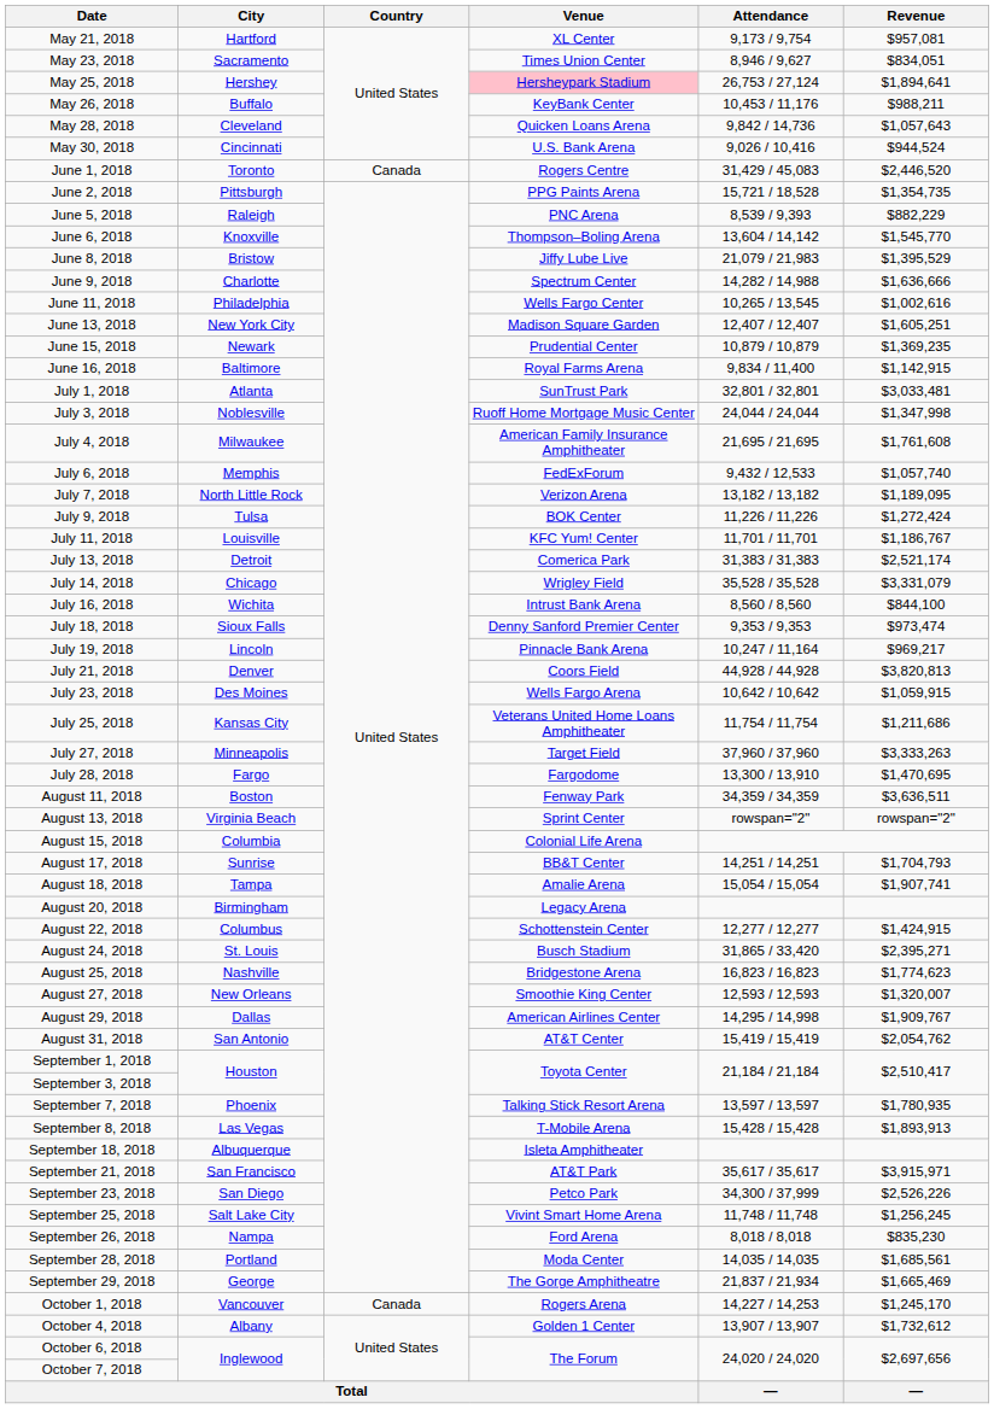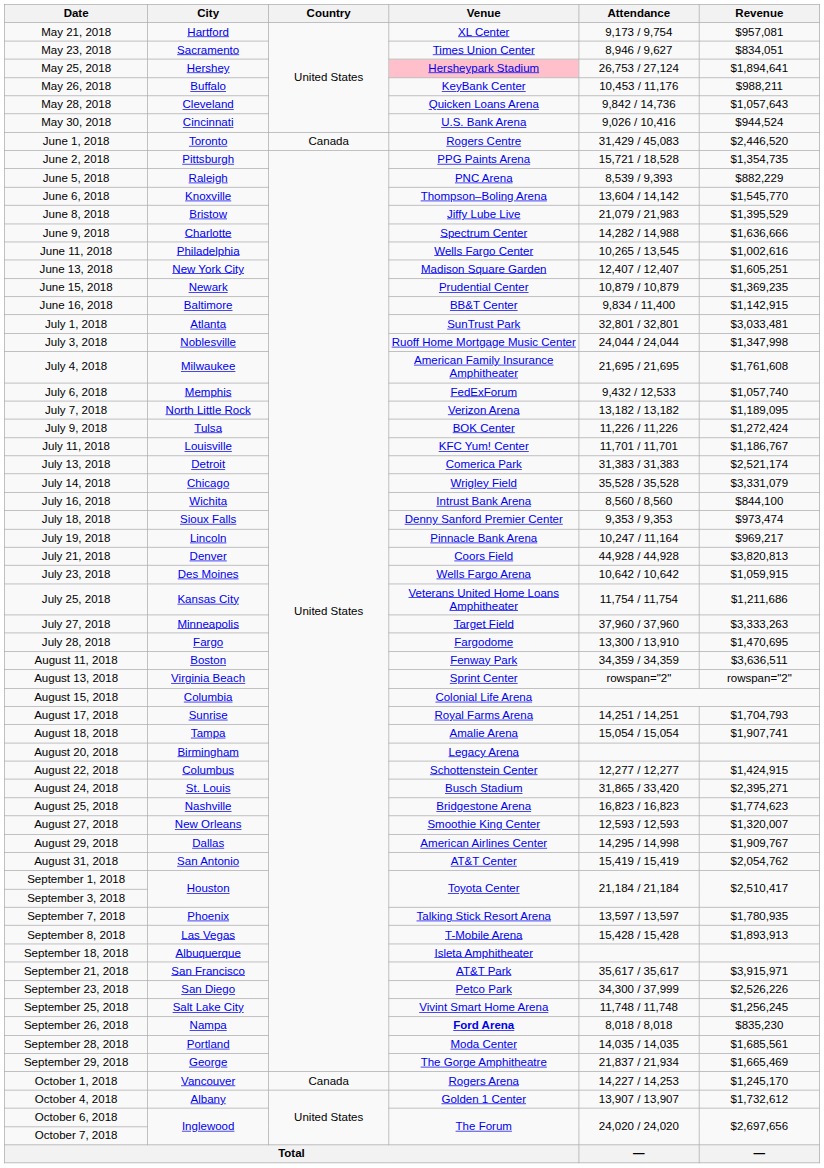 <table class="wikitable" style="text-align:center;">
 <tr>
 <th scope="col" style="width:12em;">Date</th>
 <th scope="col" style="width:10em;">City</th>
 <th scope="col" style="width:10em;">Country</th>
 <th scope="col" style="width:16em;">Venue</th>
 <th scope="col" style="width:10em;">Attendance</th>
 <th scope="col" style="width:10em;">Revenue</th>
 </tr>
 <tr>
 <td>May 21, 2018</td>
 <td><a href='#'>Hartford</a></td>
 <td rowspan="6">United States</td>
 <td><a href='#'>XL Center</a></td>
 <td>9,173 / 9,754</td>
 <td>$957,081</td>
 </tr>
 <tr>
 <td>May 23, 2018</td>
 <td><a href='#'>Sacramento</a></td>
 <td><a href='#'>Times Union Center</a></td>
 <td>8,946 / 9,627</td>
 <td>$834,051</td>
 </tr>
 <tr>
 <td>May 25, 2018</td>
 <td><a href='#'>Hershey</a></td>
 <td style="background: pink;"><a href='#'>Hersheypark Stadium</a></td>
 <td>26,753 / 27,124</td>
 <td>$1,894,641</td>
 </tr>
 <tr>
 <td>May 26, 2018</td>
 <td><a href='#'>Buffalo</a></td>
 <td><a href='#'>KeyBank Center</a></td>
 <td>10,453 / 11,176</td>
 <td>$988,211</td>
 </tr>
 <tr>
 <td>May 28, 2018</td>
 <td><a href='#'>Cleveland</a></td>
 <td><a href='#'>Quicken Loans Arena</a></td>
 <td>9,842 / 14,736</td>
 <td>$1,057,643</td>
 </tr>
 <tr>
 <td>May 30, 2018</td>
 <td><a href='#'>Cincinnati</a></td>
 <td><a href='#'>U.S. Bank Arena</a></td>
 <td>9,026 / 10,416</td>
 <td>$944,524</td>
 </tr>
 <tr>
 <td>June 1, 2018</td>
 <td><a href='#'>Toronto</a></td>
 <td>Canada</td>
 <td><a href='#'>Rogers Centre</a></td>
 <td>31,429 / 45,083</td>
 <td>$2,446,520</td>
 </tr>
 <tr>
 <td>June 2, 2018</td>
 <td><a href='#'>Pittsburgh</a></td>
 <td rowspan="49">United States</td>
 <td><a href='#'>PPG Paints Arena</a></td>
 <td>15,721 / 18,528</td>
 <td>$1,354,735</td>
 </tr>
 <tr>
 <td>June 5, 2018</td>
 <td><a href='#'>Raleigh</a></td>
 <td><a href='#'>PNC Arena</a></td>
 <td>8,539 / 9,393</td>
 <td>$882,229</td>
 </tr>
 <tr>
 <td>June 6, 2018</td>
 <td><a href='#'>Knoxville</a></td>
 <td><a href='#'>Thompson–Boling Arena</a></td>
 <td>13,604 / 14,142</td>
 <td>$1,545,770</td>
 </tr>
 <tr>
 <td>June 8, 2018</td>
 <td><a href='#'>Bristow</a></td>
 <td><a href='#'>Jiffy Lube Live</a></td>
 <td>21,079 / 21,983</td>
 <td>$1,395,529</td>
 </tr>
 <tr>
 <td>June 9, 2018</td>
 <td><a href='#'>Charlotte</a></td>
 <td><a href='#'>Spectrum Center</a></td>
 <td>14,282 / 14,988</td>
 <td>$1,636,666</td>
 </tr>
 <tr>
 <td>June 11, 2018</td>
 <td><a href='#'>Philadelphia</a></td>
 <td><a href='#'>Wells Fargo Center</a></td>
 <td>10,265 / 13,545</td>
 <td>$1,002,616</td>
 </tr>
 <tr>
 <td>June 13, 2018</td>
 <td><a href='#'>New York City</a></td>
 <td><a href='#'>Madison Square Garden</a></td>
 <td>12,407 / 12,407</td>
 <td>$1,605,251</td>
 </tr>
 <tr>
 <td>June 15, 2018</td>
 <td><a href='#'>Newark</a></td>
 <td><a href='#'>Prudential Center</a></td>
 <td>10,879 / 10,879</td>
 <td>$1,369,235</td>
 </tr>
 <tr>
 <td>June 16, 2018</td>
 <td><a href='#'>Baltimore</a></td>
-<td><a href='#'>Royal Farms Arena</a></td>
+<td><a href='#'>BB&T Center</a></td>
 <td>9,834 / 11,400</td>
 <td>$1,142,915</td>
 </tr>
 <tr>
 <td>July 1, 2018</td>
 <td><a href='#'>Atlanta</a></td>
 <td><a href='#'>SunTrust Park</a></td>
 <td>32,801 / 32,801</td>
 <td>$3,033,481</td>
 </tr>
 <tr>
 <td>July 3, 2018</td>
 <td><a href='#'>Noblesville</a></td>
 <td><a href='#'>Ruoff Home Mortgage Music Center</a></td>
 <td>24,044 / 24,044</td>
 <td>$1,347,998</td>
 </tr>
 <tr>
 <td>July 4, 2018</td>
 <td><a href='#'>Milwaukee</a></td>
 <td><a href='#'>American Family Insurance Amphitheater</a></td>
 <td>21,695 / 21,695</td>
 <td>$1,761,608</td>
 </tr>
 <tr>
 <td>July 6, 2018</td>
 <td><a href='#'>Memphis</a></td>
 <td><a href='#'>FedExForum</a></td>
 <td>9,432 / 12,533</td>
 <td>$1,057,740</td>
 </tr>
 <tr>
 <td>July 7, 2018</td>
 <td><a href='#'>North Little Rock</a></td>
 <td><a href='#'>Verizon Arena</a></td>
 <td>13,182 / 13,182</td>
 <td>$1,189,095</td>
 </tr>
 <tr>
 <td>July 9, 2018</td>
 <td><a href='#'>Tulsa</a></td>
 <td><a href='#'>BOK Center</a></td>
 <td>11,226 / 11,226</td>
 <td>$1,272,424</td>
 </tr>
 <tr>
 <td>July 11, 2018</td>
 <td><a href='#'>Louisville</a></td>
 <td><a href='#'>KFC Yum! Center</a></td>
 <td>11,701 / 11,701</td>
 <td>$1,186,767</td>
 </tr>
 <tr>
 <td>July 13, 2018</td>
 <td><a href='#'>Detroit</a></td>
 <td><a href='#'>Comerica Park</a></td>
 <td>31,383 / 31,383</td>
 <td>$2,521,174</td>
 </tr>
 <tr>
 <td>July 14, 2018</td>
 <td><a href='#'>Chicago</a></td>
 <td><a href='#'>Wrigley Field</a></td>
 <td>35,528 / 35,528</td>
 <td>$3,331,079</td>
 </tr>
 <tr>
 <td>July 16, 2018</td>
 <td><a href='#'>Wichita</a></td>
 <td><a href='#'>Intrust Bank Arena</a></td>
 <td>8,560 / 8,560</td>
 <td>$844,100</td>
 </tr>
 <tr>
 <td>July 18, 2018</td>
 <td><a href='#'>Sioux Falls</a></td>
 <td><a href='#'>Denny Sanford Premier Center</a></td>
 <td>9,353 / 9,353</td>
 <td>$973,474</td>
 </tr>
 <tr>
 <td>July 19, 2018</td>
 <td><a href='#'>Lincoln</a></td>
 <td><a href='#'>Pinnacle Bank Arena</a></td>
 <td>10,247 / 11,164</td>
 <td>$969,217</td>
 </tr>
 <tr>
 <td>July 21, 2018</td>
 <td><a href='#'>Denver</a></td>
 <td><a href='#'>Coors Field</a></td>
 <td>44,928 / 44,928</td>
 <td>$3,820,813</td>
 </tr>
 <tr>
 <td>July 23, 2018</td>
 <td><a href='#'>Des Moines</a></td>
 <td><a href='#'>Wells Fargo Arena</a></td>
 <td>10,642 / 10,642</td>
 <td>$1,059,915</td>
 </tr>
 <tr>
 <td>July 25, 2018</td>
 <td><a href='#'>Kansas City</a></td>
 <td><a href='#'>Veterans United Home Loans Amphitheater</a></td>
 <td>11,754 / 11,754</td>
 <td>$1,211,686</td>
 </tr>
 <tr>
 <td>July 27, 2018</td>
 <td><a href='#'>Minneapolis</a></td>
 <td><a href='#'>Target Field</a></td>
 <td>37,960 / 37,960</td>
 <td>$3,333,263</td>
 </tr>
 <tr>
 <td>July 28, 2018</td>
 <td><a href='#'>Fargo</a></td>
 <td><a href='#'>Fargodome</a></td>
 <td>13,300 / 13,910</td>
 <td>$1,470,695</td>
 </tr>
 <tr>
 <td>August 11, 2018</td>
 <td><a href='#'>Boston</a></td>
 <td><a href='#'>Fenway Park</a></td>
 <td>34,359 / 34,359</td>
 <td>$3,636,511</td>
 </tr>
 <tr>
 <td>August 13, 2018</td>
 <td><a href='#'>Virginia Beach</a></td>
 <td><a href='#'>Sprint Center</a></td>
 <td>rowspan="2" </td>
 <td>rowspan="2" </td>
 </tr>
 <tr>
 <td>August 15, 2018</td>
 <td><a href='#'>Columbia</a></td>
 <td><a href='#'>Colonial Life Arena</a></td>
 </tr>
 <tr>
 <td>August 17, 2018</td>
 <td><a href='#'>Sunrise</a></td>
-<td><a href='#'>BB&T Center</a></td>
+<td><a href='#'>Royal Farms Arena</a></td>
 <td>14,251 / 14,251</td>
 <td>$1,704,793</td>
 </tr>
 <tr>
 <td>August 18, 2018</td>
 <td><a href='#'>Tampa</a></td>
 <td><a href='#'>Amalie Arena</a></td>
 <td>15,054 / 15,054</td>
 <td>$1,907,741</td>
 </tr>
 <tr>
 <td>August 20, 2018</td>
 <td><a href='#'>Birmingham</a></td>
 <td><a href='#'>Legacy Arena</a></td>
 <td></td>
 <td></td>
 </tr>
 <tr>
 <td>August 22, 2018</td>
 <td><a href='#'>Columbus</a></td>
 <td><a href='#'>Schottenstein Center</a></td>
 <td>12,277 / 12,277</td>
 <td>$1,424,915</td>
 </tr>
 <tr>
 <td>August 24, 2018</td>
 <td><a href='#'>St. Louis</a></td>
 <td><a href='#'>Busch Stadium</a></td>
 <td>31,865 / 33,420</td>
 <td>$2,395,271</td>
 </tr>
 <tr>
 <td>August 25, 2018</td>
 <td><a href='#'>Nashville</a></td>
 <td><a href='#'>Bridgestone Arena</a></td>
 <td>16,823 / 16,823</td>
 <td>$1,774,623</td>
 </tr>
 <tr>
 <td>August 27, 2018</td>
 <td><a href='#'>New Orleans</a></td>
 <td><a href='#'>Smoothie King Center</a></td>
 <td>12,593 / 12,593</td>
 <td>$1,320,007</td>
 </tr>
 <tr>
 <td>August 29, 2018</td>
 <td><a href='#'>Dallas</a></td>
 <td><a href='#'>American Airlines Center</a></td>
 <td>14,295 / 14,998</td>
 <td>$1,909,767</td>
 </tr>
 <tr>
 <td>August 31, 2018</td>
 <td><a href='#'>San Antonio</a></td>
 <td><a href='#'>AT&T Center</a></td>
 <td>15,419 / 15,419</td>
 <td>$2,054,762</td>
 </tr>
 <tr>
 <td>September 1, 2018</td>
 <td rowspan="2"><a href='#'>Houston</a></td>
 <td rowspan="2"><a href='#'>Toyota Center</a></td>
 <td rowspan="2">21,184 / 21,184</td>
 <td rowspan="2">$2,510,417</td>
 </tr>
 <tr>
 <td>September 3, 2018</td>
 </tr>
 <tr>
 <td>September 7, 2018</td>
 <td><a href='#'>Phoenix</a></td>
 <td><a href='#'>Talking Stick Resort Arena</a></td>
 <td>13,597 / 13,597</td>
 <td>$1,780,935</td>
 </tr>
 <tr>
 <td>September 8, 2018</td>
 <td><a href='#'>Las Vegas</a></td>
 <td><a href='#'>T-Mobile Arena</a></td>
 <td>15,428 / 15,428</td>
 <td>$1,893,913</td>
 </tr>
 <tr>
 <td>September 18, 2018</td>
 <td><a href='#'>Albuquerque</a></td>
 <td><a href='#'>Isleta Amphitheater</a></td>
 <td></td>
 <td></td>
 </tr>
 <tr>
 <td>September 21, 2018</td>
 <td><a href='#'>San Francisco</a></td>
 <td><a href='#'>AT&T Park</a></td>
 <td>35,617 / 35,617</td>
 <td>$3,915,971</td>
 </tr>
 <tr>
 <td>September 23, 2018</td>
 <td><a href='#'>San Diego</a></td>
 <td><a href='#'>Petco Park</a></td>
 <td>34,300 / 37,999</td>
 <td>$2,526,226</td>
 </tr>
 <tr>
 <td>September 25, 2018</td>
 <td><a href='#'>Salt Lake City</a></td>
 <td><a href='#'>Vivint Smart Home Arena</a></td>
 <td>11,748 / 11,748</td>
 <td>$1,256,245</td>
 </tr>
 <tr>
 <td>September 26, 2018</td>
 <td><a href='#'>Nampa</a></td>
-<td><a href='#'>Ford Arena</a></td>
+<td><strong><a href='#'>Ford Arena</a></strong></td>
 <td>8,018 / 8,018</td>
 <td>$835,230</td>
 </tr>
 <tr>
 <td>September 28, 2018</td>
 <td><a href='#'>Portland</a></td>
 <td><a href='#'>Moda Center</a></td>
 <td>14,035 / 14,035</td>
 <td>$1,685,561</td>
 </tr>
 <tr>
 <td>September 29, 2018</td>
 <td><a href='#'>George</a></td>
 <td><a href='#'>The Gorge Amphitheatre</a></td>
 <td>21,837 / 21,934</td>
 <td>$1,665,469</td>
 </tr>
 <tr>
 <td>October 1, 2018</td>
 <td><a href='#'>Vancouver</a></td>
 <td>Canada</td>
 <td><a href='#'>Rogers Arena</a></td>
 <td>14,227 / 14,253</td>
 <td>$1,245,170</td>
 </tr>
 <tr>
 <td>October 4, 2018</td>
 <td><a href='#'>Albany</a></td>
 <td rowspan="3">United States</td>
 <td><a href='#'>Golden 1 Center</a></td>
 <td>13,907 / 13,907</td>
 <td>$1,732,612</td>
 </tr>
 <tr>
 <td>October 6, 2018</td>
 <td rowspan="2"><a href='#'>Inglewood</a></td>
 <td rowspan="2"><a href='#'>The Forum</a></td>
 <td rowspan="2">24,020 / 24,020</td>
 <td rowspan="2">$2,697,656</td>
 </tr>
 <tr>
 <td>October 7, 2018</td>
 </tr>
 <tr>
 <th colspan="4">Total</th>
 <th>—</th>
 <th>—</th>
 </tr>
 </table>
